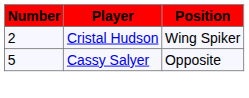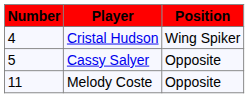 <table bgcolor="#f7f8ff" cellpadding="3" cellspacing="0" border="1" style="font-size: 95%; border: gray solid 1px; border-collapse: collapse;">
 <tr bgcolor="#ff0000">
 <td align=center><strong>Number</strong></td>
 <td align=center><strong>Player</strong></td>
 <td align=center><strong>Position</strong></td>
 </tr>
 <tr align="left">
-<td>2</td>
+<td>4</td>
 <td> <a href='#'>Cristal Hudson</a></td>
 <td>Wing Spiker</td>
 </tr>
 <tr align="left">
 <td>5</td>
 <td> <a href='#'>Cassy Salyer</a></td>
 <td>Opposite</td>
 </tr>
+<tr align="left">
+<td>11</td>
+<td> Melody Coste</td>
+<td>Opposite</td>
+</tr>
 </table>
